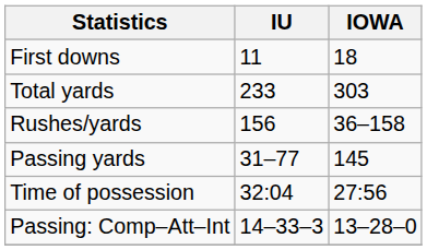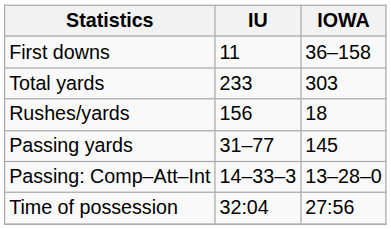 <table class="wikitable" style="float: left;">
 <tr>
 <th>Statistics</th>
 <th>IU</th>
 <th>IOWA</th>
 </tr>
 <tr>
 <td>First downs</td>
 <td>11</td>
-<td>18</td>
+<td>36–158</td>
 </tr>
 <tr>
 <td>Total yards</td>
 <td>233</td>
 <td>303</td>
 </tr>
 <tr>
 <td>Rushes/yards</td>
 <td>156</td>
-<td>36–158</td>
+<td>18</td>
 </tr>
 <tr>
 <td>Passing yards</td>
 <td>31–77</td>
 <td>145</td>
 </tr>
 <tr>
+<td>Passing: Comp–Att–Int</td>
+<td>14–33–3</td>
+<td>13–28–0</td>
+</tr>
+<tr>
 <td>Time of possession</td>
 <td>32:04</td>
 <td>27:56</td>
 </tr>
 <tr>
-<td>Passing: Comp–Att–Int</td>
-<td>14–33–3</td>
-<td>13–28–0</td>
-</tr>
-<tr>
 </tr>
 </table>
